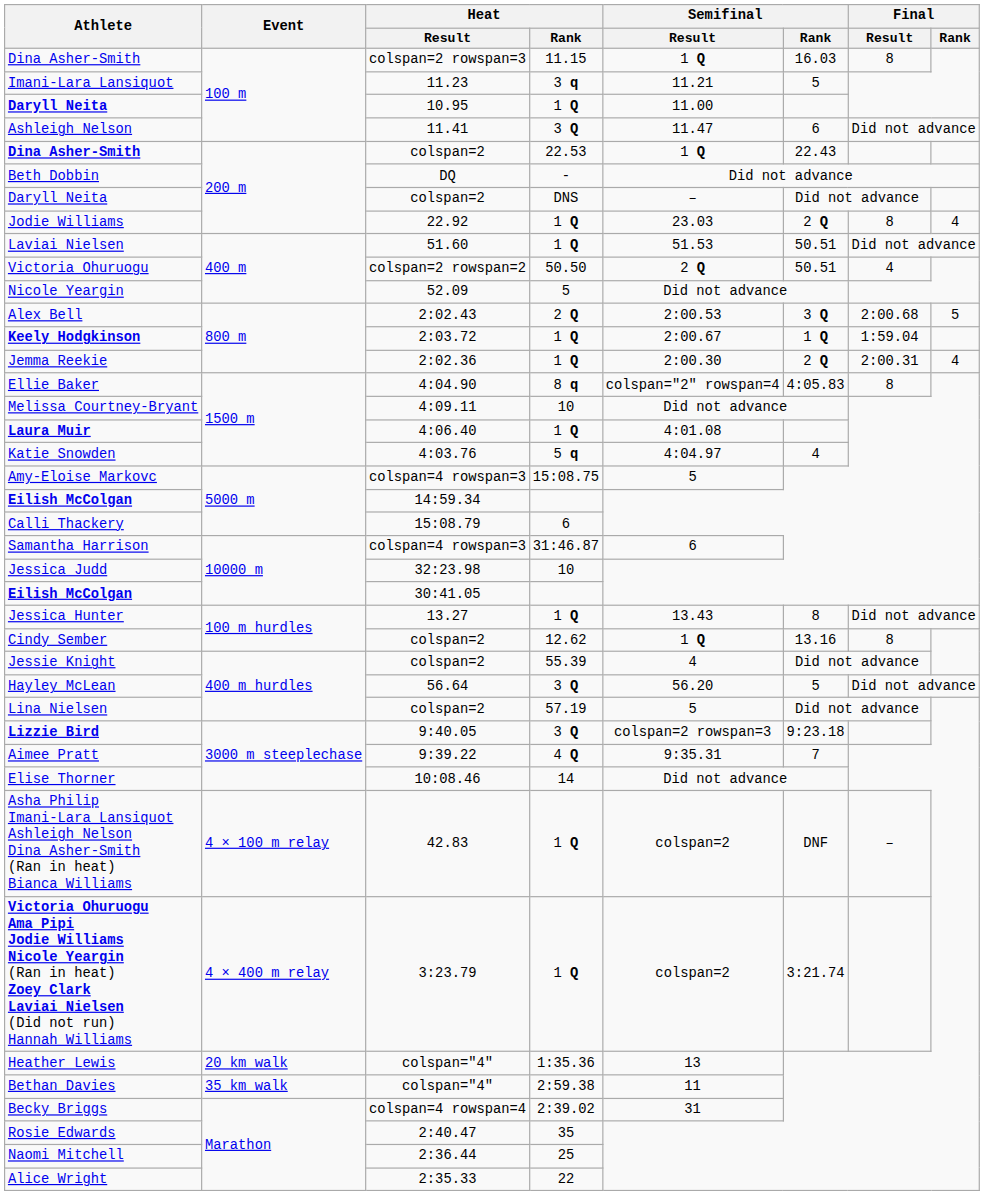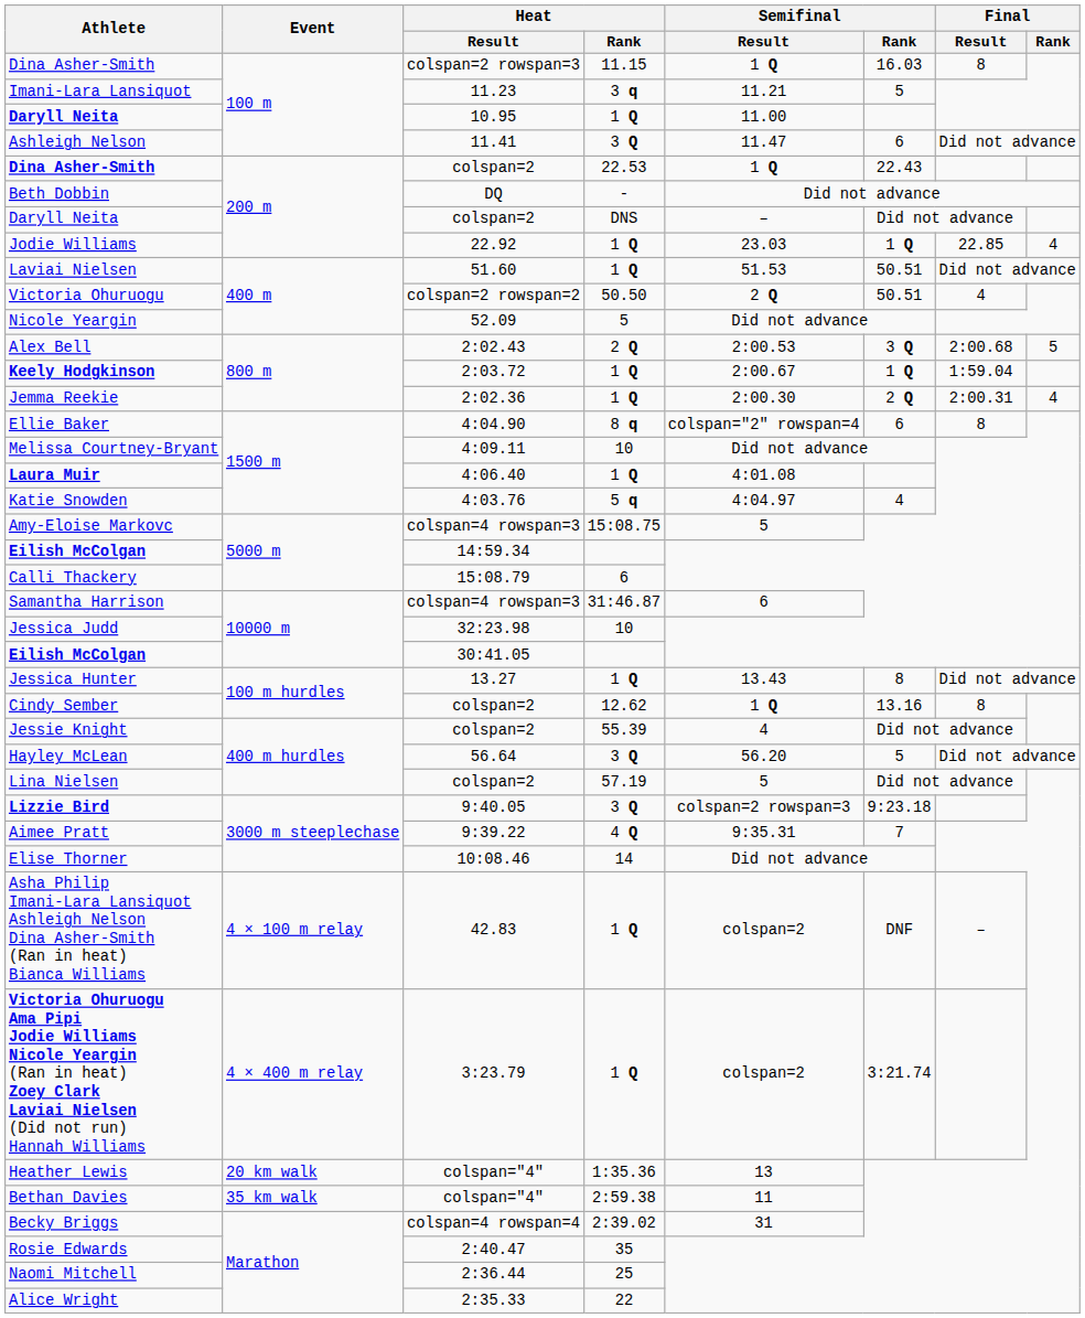 <table class="wikitable" style="font-size:90%">
 <tr>
 <th rowspan=2>Athlete</th>
 <th rowspan=2>Event</th>
 <th colspan=2>Heat</th>
 <th colspan=2>Semifinal</th>
 <th colspan=2>Final</th>
 </tr>
 <tr style="font-size:95%">
 <th>Result</th>
 <th>Rank</th>
 <th>Result</th>
 <th>Rank</th>
 <th>Result</th>
 <th>Rank</th>
 </tr>
 <tr align=center>
 <td align=left><a href='#'>Dina Asher-Smith</a></td>
 <td style="text-align:left;" rowspan="4"><a href='#'>100 m</a></td>
 <td>colspan=2 rowspan=3 </td>
 <td>11.15</td>
 <td>1 <strong>Q</strong></td>
 <td>16.03</td>
 <td>8</td>
 </tr>
 <tr align=center>
 <td align=left><a href='#'>Imani-Lara Lansiquot</a></td>
 <td>11.23</td>
 <td>3 <strong>q</strong></td>
 <td>11.21</td>
 <td>5</td>
 </tr>
 <tr align=center>
 <td align=left><strong><a href='#'>Daryll Neita</a></strong></td>
 <td>10.95</td>
 <td>1 <strong>Q</strong></td>
 <td>11.00</td>
 <td></td>
 </tr>
 <tr align=center>
 <td align=left><a href='#'>Ashleigh Nelson</a></td>
 <td>11.41</td>
 <td>3 <strong>Q</strong></td>
 <td>11.47</td>
 <td>6</td>
 <td colspan=2>Did not advance</td>
 </tr>
 <tr align=center>
 <td align=left><strong><a href='#'>Dina Asher-Smith</a></strong></td>
 <td style="text-align:left;" rowspan="4"><a href='#'>200 m</a></td>
 <td>colspan=2 </td>
 <td>22.53</td>
 <td>1 <strong>Q</strong></td>
 <td>22.43</td>
 <td></td>
 </tr>
 <tr align=center>
 <td align=left><a href='#'>Beth Dobbin</a></td>
 <td>DQ</td>
 <td>-</td>
 <td colspan=4>Did not advance</td>
 </tr>
 <tr align=center>
 <td align=left><a href='#'>Daryll Neita</a></td>
 <td>colspan=2 </td>
 <td>DNS</td>
 <td>–</td>
 <td colspan=2>Did not advance</td>
 </tr>
 <tr align=center>
 <td align=left><a href='#'>Jodie Williams</a></td>
 <td>22.92</td>
 <td>1 <strong>Q</strong></td>
 <td>23.03</td>
-<td>2 <strong>Q</strong></td>
-<td>8</td>
+<td>1 <strong>Q</strong></td>
+<td>22.85</td>
 <td>4</td>
 </tr>
 <tr align=center>
 <td align=left><a href='#'>Laviai Nielsen</a></td>
 <td style="text-align:left;" rowspan="3"><a href='#'>400 m</a></td>
 <td>51.60</td>
 <td>1 <strong>Q</strong></td>
 <td>51.53</td>
 <td>50.51</td>
 <td colspan=2>Did not advance</td>
 </tr>
 <tr align=center>
 <td align=left><a href='#'>Victoria Ohuruogu</a></td>
 <td>colspan=2 rowspan=2 </td>
 <td>50.50</td>
 <td>2 <strong>Q</strong></td>
 <td>50.51</td>
 <td>4</td>
 </tr>
 <tr align=center>
 <td align=left><a href='#'>Nicole Yeargin</a></td>
 <td>52.09</td>
 <td>5</td>
 <td colspan=2>Did not advance</td>
 </tr>
 <tr align=center>
 <td align=left><a href='#'>Alex Bell</a></td>
 <td style="text-align:left;" rowspan="3"><a href='#'>800 m</a></td>
 <td>2:02.43</td>
 <td>2 <strong>Q</strong></td>
 <td>2:00.53</td>
 <td>3 <strong>Q</strong></td>
 <td>2:00.68</td>
 <td>5</td>
 </tr>
 <tr align=center>
 <td align=left><strong><a href='#'>Keely Hodgkinson</a></strong></td>
 <td>2:03.72</td>
 <td>1 <strong>Q</strong></td>
 <td>2:00.67</td>
 <td>1 <strong>Q</strong></td>
 <td>1:59.04</td>
 <td></td>
 </tr>
 <tr align=center>
 <td align=left><a href='#'>Jemma Reekie</a></td>
 <td>2:02.36</td>
 <td>1 <strong>Q</strong></td>
 <td>2:00.30</td>
 <td>2 <strong>Q</strong></td>
 <td>2:00.31</td>
 <td>4</td>
 </tr>
 <tr align=center>
 <td align=left><a href='#'>Ellie Baker</a></td>
 <td style="text-align:left;" rowspan="4"><a href='#'>1500 m</a></td>
 <td>4:04.90</td>
 <td>8 <strong>q</strong></td>
 <td>colspan="2" rowspan=4 </td>
-<td>4:05.83</td>
+<td>6</td>
 <td>8</td>
 </tr>
 <tr align=center>
 <td align=left><a href='#'>Melissa Courtney-Bryant</a></td>
 <td>4:09.11</td>
 <td>10</td>
 <td colspan=2>Did not advance</td>
 </tr>
 <tr align=center>
 <td align=left><strong><a href='#'>Laura Muir</a></strong></td>
 <td>4:06.40</td>
 <td>1 <strong>Q</strong></td>
 <td>4:01.08</td>
 <td></td>
 </tr>
 <tr align=center>
 <td align=left><a href='#'>Katie Snowden</a></td>
 <td>4:03.76</td>
 <td>5 <strong>q</strong></td>
 <td>4:04.97</td>
 <td>4</td>
 </tr>
 <tr align=center>
 <td align=left><a href='#'>Amy-Eloise Markovc</a></td>
 <td style="text-align:left;" rowspan="3"><a href='#'>5000 m</a></td>
 <td>colspan=4 rowspan=3 </td>
 <td>15:08.75</td>
 <td>5</td>
 </tr>
 <tr align=center>
 <td align=left><strong><a href='#'>Eilish McColgan</a></strong></td>
 <td>14:59.34</td>
 <td></td>
 </tr>
 <tr align=center>
 <td align=left><a href='#'>Calli Thackery</a></td>
 <td>15:08.79</td>
 <td>6</td>
 </tr>
 <tr align=center>
 <td align=left><a href='#'>Samantha Harrison</a></td>
 <td align=left rowspan=3><a href='#'>10000 m</a></td>
 <td>colspan=4 rowspan=3 </td>
 <td>31:46.87</td>
 <td>6</td>
 </tr>
 <tr align=center>
 <td align=left><a href='#'>Jessica Judd</a></td>
 <td>32:23.98</td>
 <td>10</td>
 </tr>
 <tr align=center>
 <td align=left><strong><a href='#'>Eilish McColgan</a></strong></td>
 <td>30:41.05</td>
 <td></td>
 </tr>
 <tr align=center>
 <td align=left><a href='#'>Jessica Hunter</a></td>
 <td style="text-align:left;" rowspan="2"><a href='#'>100 m hurdles</a></td>
 <td>13.27</td>
 <td>1 <strong>Q</strong></td>
 <td>13.43</td>
 <td>8</td>
 <td colspan=2>Did not advance</td>
 </tr>
 <tr align=center>
 <td align=left><a href='#'>Cindy Sember</a></td>
 <td>colspan=2 </td>
 <td>12.62</td>
 <td>1 <strong>Q</strong></td>
 <td>13.16</td>
 <td>8</td>
 </tr>
 <tr align=center>
 <td align=left><a href='#'>Jessie Knight</a></td>
 <td style="text-align:left;" rowspan="3"><a href='#'>400 m hurdles</a></td>
 <td>colspan=2 </td>
 <td>55.39</td>
 <td>4</td>
 <td colspan=2>Did not advance</td>
 </tr>
 <tr align=center>
 <td align=left><a href='#'>Hayley McLean</a></td>
 <td>56.64</td>
 <td>3 <strong>Q</strong></td>
 <td>56.20</td>
 <td>5</td>
 <td colspan=2>Did not advance</td>
 </tr>
 <tr align=center>
 <td align=left><a href='#'>Lina Nielsen</a></td>
 <td>colspan=2 </td>
 <td>57.19</td>
 <td>5</td>
 <td colspan=2>Did not advance</td>
 </tr>
 <tr align=center>
 <td align=left><strong><a href='#'>Lizzie Bird</a></strong></td>
 <td style="text-align:left;" rowspan="3"><a href='#'>3000 m steeplechase</a></td>
 <td>9:40.05</td>
 <td>3 <strong>Q</strong></td>
 <td>colspan=2 rowspan=3 </td>
 <td>9:23.18</td>
 <td></td>
 </tr>
 <tr align=center>
 <td align=left><a href='#'>Aimee Pratt</a></td>
 <td>9:39.22</td>
 <td>4 <strong>Q</strong></td>
 <td>9:35.31</td>
 <td>7</td>
 </tr>
 <tr align=center>
 <td align=left><a href='#'>Elise Thorner</a></td>
 <td>10:08.46</td>
 <td>14</td>
 <td colspan=2>Did not advance</td>
 </tr>
 <tr align=center>
 <td align=left><a href='#'>Asha Philip</a><br><a href='#'>Imani-Lara Lansiquot</a><br><a href='#'>Ashleigh Nelson</a><br><a href='#'>Dina Asher-Smith</a><br>(Ran in heat)<br><a href='#'>Bianca Williams</a></td>
 <td align=left><a href='#'>4 × 100 m relay</a></td>
 <td>42.83</td>
 <td>1 <strong>Q</strong></td>
 <td>colspan=2 </td>
 <td>DNF</td>
 <td>–</td>
 </tr>
 <tr align=center>
 <td align=left><strong><a href='#'>Victoria Ohuruogu</a> <br><a href='#'>Ama Pipi</a><br><a href='#'>Jodie Williams</a><br><a href='#'>Nicole Yeargin</a></strong><br>(Ran in heat)<br><strong><a href='#'>Zoey Clark</a><br><a href='#'>Laviai Nielsen</a></strong><br>(Did not run)<br><a href='#'>Hannah Williams</a></td>
 <td align=left><a href='#'>4 × 400 m relay</a></td>
 <td>3:23.79</td>
 <td>1 <strong>Q</strong></td>
 <td>colspan=2 </td>
 <td>3:21.74</td>
 <td></td>
 </tr>
 <tr align=center>
 <td align=left><a href='#'>Heather Lewis</a></td>
 <td style="text-align:left;"><a href='#'>20 km walk</a></td>
 <td>colspan="4" </td>
 <td>1:35.36</td>
 <td>13</td>
 </tr>
 <tr align=center>
 <td align=left><a href='#'>Bethan Davies</a></td>
 <td style="text-align:left;"><a href='#'>35 km walk</a></td>
 <td>colspan="4" </td>
 <td>2:59.38</td>
 <td>11</td>
 </tr>
 <tr align=center>
 <td align=left><a href='#'>Becky Briggs</a></td>
 <td style="text-align:left;" rowspan="4"><a href='#'>Marathon</a></td>
 <td>colspan=4 rowspan=4 </td>
 <td>2:39.02</td>
 <td>31</td>
 </tr>
 <tr align=center>
 <td align=left><a href='#'>Rosie Edwards</a></td>
 <td>2:40.47</td>
 <td>35</td>
 </tr>
 <tr align=center>
 <td align=left><a href='#'>Naomi Mitchell</a></td>
 <td>2:36.44</td>
 <td>25</td>
 </tr>
 <tr align=center>
 <td align=left><a href='#'>Alice Wright</a></td>
 <td>2:35.33</td>
 <td>22</td>
 </tr>
 </table>
